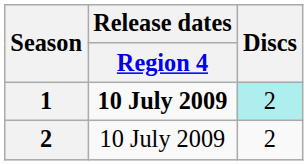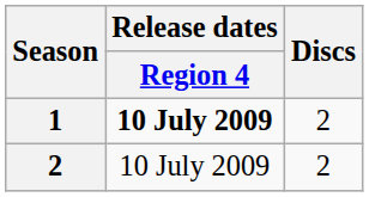 <table class="wikitable" style="text-align:center">
 <tr>
 <th rowspan="2">Season</th>
 <th colspan="1">Release dates</th>
 <th rowspan="2">Discs</th>
 </tr>
 <tr>
 <th><a href='#'>Region 4</a></th>
 </tr>
 <tr>
 <th>1</th>
 <td><strong>10 July 2009</strong></td>
-<td style="background: paleturquoise;">2</td>
+<td>2</td>
 </tr>
 <tr>
 <th>2</th>
 <td>10 July 2009</td>
 <td>2</td>
 </tr>
 </table>
